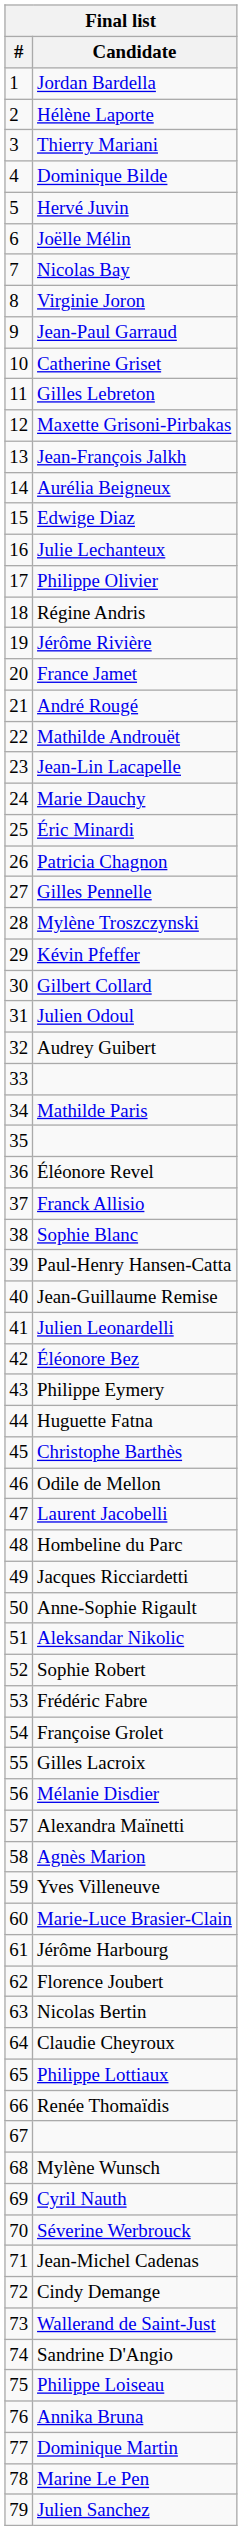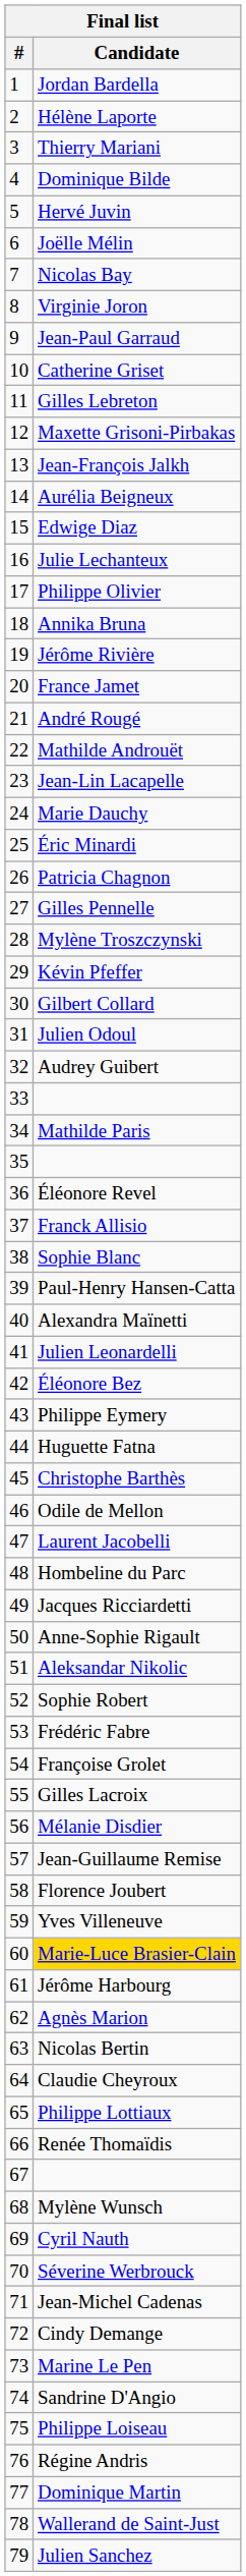 <table class="wikitable mw-collapsible mw-collapsed" style="font-size:90%; float:right; padding:5px">
 <tr>
 <th colspan="2">Final list</th>
 </tr>
 <tr>
 <th>#</th>
 <th>Candidate</th>
 </tr>
 <tr>
 <td>1</td>
 <td><a href='#'>Jordan Bardella</a></td>
 </tr>
 <tr>
 <td>2</td>
 <td><a href='#'>Hélène Laporte</a></td>
 </tr>
 <tr>
 <td>3</td>
 <td><a href='#'>Thierry Mariani</a></td>
 </tr>
 <tr>
 <td>4</td>
 <td><a href='#'>Dominique Bilde</a></td>
 </tr>
 <tr>
 <td>5</td>
 <td><a href='#'>Hervé Juvin</a></td>
 </tr>
 <tr>
 <td>6</td>
 <td><a href='#'>Joëlle Mélin</a></td>
 </tr>
 <tr>
 <td>7</td>
 <td><a href='#'>Nicolas Bay</a></td>
 </tr>
 <tr>
 <td>8</td>
 <td><a href='#'>Virginie Joron</a></td>
 </tr>
 <tr>
 <td>9</td>
 <td><a href='#'>Jean-Paul Garraud</a></td>
 </tr>
 <tr>
 <td>10</td>
 <td><a href='#'>Catherine Griset</a></td>
 </tr>
 <tr>
 <td>11</td>
 <td><a href='#'>Gilles Lebreton</a></td>
 </tr>
 <tr>
 <td>12</td>
 <td><a href='#'>Maxette Grisoni-Pirbakas</a></td>
 </tr>
 <tr>
 <td>13</td>
 <td><a href='#'>Jean-François Jalkh</a></td>
 </tr>
 <tr>
 <td>14</td>
 <td><a href='#'>Aurélia Beigneux</a></td>
 </tr>
 <tr>
 <td>15</td>
 <td><a href='#'>Edwige Diaz</a></td>
 </tr>
 <tr>
 <td>16</td>
 <td><a href='#'>Julie Lechanteux</a></td>
 </tr>
 <tr>
 <td>17</td>
 <td><a href='#'>Philippe Olivier</a></td>
 </tr>
 <tr>
 <td>18</td>
-<td>Régine Andris</td>
+<td><a href='#'>Annika Bruna</a></td>
 </tr>
 <tr>
 <td>19</td>
 <td><a href='#'>Jérôme Rivière</a></td>
 </tr>
 <tr>
 <td>20</td>
 <td><a href='#'>France Jamet</a></td>
 </tr>
 <tr>
 <td>21</td>
 <td><a href='#'>André Rougé</a></td>
 </tr>
 <tr>
 <td>22</td>
 <td><a href='#'>Mathilde Androuët</a></td>
 </tr>
 <tr>
 <td>23</td>
 <td><a href='#'>Jean-Lin Lacapelle</a></td>
 </tr>
 <tr>
 <td>24</td>
 <td><a href='#'>Marie Dauchy</a></td>
 </tr>
 <tr>
 <td>25</td>
 <td><a href='#'>Éric Minardi</a></td>
 </tr>
 <tr>
 <td>26</td>
 <td><a href='#'>Patricia Chagnon</a></td>
 </tr>
 <tr>
 <td>27</td>
 <td><a href='#'>Gilles Pennelle</a></td>
 </tr>
 <tr>
 <td>28</td>
 <td><a href='#'>Mylène Troszczynski</a></td>
 </tr>
 <tr>
 <td>29</td>
 <td><a href='#'>Kévin Pfeffer</a></td>
 </tr>
 <tr>
 <td>30</td>
 <td><a href='#'>Gilbert Collard</a></td>
 </tr>
 <tr>
 <td>31</td>
 <td><a href='#'>Julien Odoul</a></td>
 </tr>
 <tr>
 <td>32</td>
 <td>Audrey Guibert</td>
 </tr>
 <tr>
 <td>33</td>
 <td></td>
 </tr>
 <tr>
 <td>34</td>
 <td><a href='#'>Mathilde Paris</a></td>
 </tr>
 <tr>
 <td>35</td>
 <td></td>
 </tr>
 <tr>
 <td>36</td>
 <td>Éléonore Revel</td>
 </tr>
 <tr>
 <td>37</td>
 <td><a href='#'>Franck Allisio</a></td>
 </tr>
 <tr>
 <td>38</td>
 <td><a href='#'>Sophie Blanc</a></td>
 </tr>
 <tr>
 <td>39</td>
 <td>Paul-Henry Hansen-Catta</td>
 </tr>
 <tr>
 <td>40</td>
-<td>Jean-Guillaume Remise</td>
+<td>Alexandra Maïnetti</td>
 </tr>
 <tr>
 <td>41</td>
 <td><a href='#'>Julien Leonardelli</a></td>
 </tr>
 <tr>
 <td>42</td>
 <td><a href='#'>Éléonore Bez</a></td>
 </tr>
 <tr>
 <td>43</td>
 <td>Philippe Eymery</td>
 </tr>
 <tr>
 <td>44</td>
 <td>Huguette Fatna</td>
 </tr>
 <tr>
 <td>45</td>
 <td><a href='#'>Christophe Barthès</a></td>
 </tr>
 <tr>
 <td>46</td>
 <td>Odile de Mellon</td>
 </tr>
 <tr>
 <td>47</td>
 <td><a href='#'>Laurent Jacobelli</a></td>
 </tr>
 <tr>
 <td>48</td>
 <td>Hombeline du Parc</td>
 </tr>
 <tr>
 <td>49</td>
 <td>Jacques Ricciardetti</td>
 </tr>
 <tr>
 <td>50</td>
 <td>Anne-Sophie Rigault</td>
 </tr>
 <tr>
 <td>51</td>
 <td><a href='#'>Aleksandar Nikolic</a></td>
 </tr>
 <tr>
 <td>52</td>
 <td>Sophie Robert</td>
 </tr>
 <tr>
 <td>53</td>
 <td>Frédéric Fabre</td>
 </tr>
 <tr>
 <td>54</td>
 <td>Françoise Grolet</td>
 </tr>
 <tr>
 <td>55</td>
 <td>Gilles Lacroix</td>
 </tr>
 <tr>
 <td>56</td>
 <td><a href='#'>Mélanie Disdier</a></td>
 </tr>
 <tr>
 <td>57</td>
-<td>Alexandra Maïnetti</td>
+<td>Jean-Guillaume Remise</td>
 </tr>
 <tr>
 <td>58</td>
-<td><a href='#'>Agnès Marion</a></td>
+<td>Florence Joubert</td>
 </tr>
 <tr>
 <td>59</td>
 <td>Yves Villeneuve</td>
 </tr>
 <tr>
 <td>60</td>
-<td><a href='#'>Marie-Luce Brasier-Clain</a></td>
+<td style="background: gold;"><a href='#'>Marie-Luce Brasier-Clain</a></td>
 </tr>
 <tr>
 <td>61</td>
 <td>Jérôme Harbourg</td>
 </tr>
 <tr>
 <td>62</td>
-<td>Florence Joubert</td>
+<td><a href='#'>Agnès Marion</a></td>
 </tr>
 <tr>
 <td>63</td>
 <td>Nicolas Bertin</td>
 </tr>
 <tr>
 <td>64</td>
 <td>Claudie Cheyroux</td>
 </tr>
 <tr>
 <td>65</td>
 <td><a href='#'>Philippe Lottiaux</a></td>
 </tr>
 <tr>
 <td>66</td>
 <td>Renée Thomaïdis</td>
 </tr>
 <tr>
 <td>67</td>
 <td></td>
 </tr>
 <tr>
 <td>68</td>
 <td>Mylène Wunsch</td>
 </tr>
 <tr>
 <td>69</td>
 <td><a href='#'>Cyril Nauth</a></td>
 </tr>
 <tr>
 <td>70</td>
 <td><a href='#'>Séverine Werbrouck</a></td>
 </tr>
 <tr>
 <td>71</td>
 <td>Jean-Michel Cadenas</td>
 </tr>
 <tr>
 <td>72</td>
 <td>Cindy Demange</td>
 </tr>
 <tr>
 <td>73</td>
-<td><a href='#'>Wallerand de Saint-Just</a></td>
+<td><a href='#'>Marine Le Pen</a></td>
 </tr>
 <tr>
 <td>74</td>
 <td>Sandrine D'Angio</td>
 </tr>
 <tr>
 <td>75</td>
 <td><a href='#'>Philippe Loiseau</a></td>
 </tr>
 <tr>
 <td>76</td>
-<td><a href='#'>Annika Bruna</a></td>
+<td>Régine Andris</td>
 </tr>
 <tr>
 <td>77</td>
 <td><a href='#'>Dominique Martin</a></td>
 </tr>
 <tr>
 <td>78</td>
-<td><a href='#'>Marine Le Pen</a></td>
+<td><a href='#'>Wallerand de Saint-Just</a></td>
 </tr>
 <tr>
 <td>79</td>
 <td><a href='#'>Julien Sanchez</a></td>
 </tr>
 </table>
